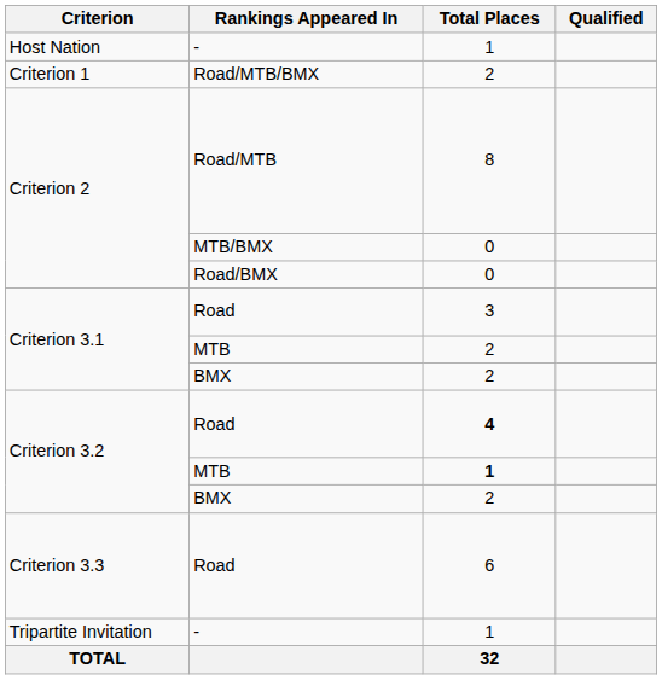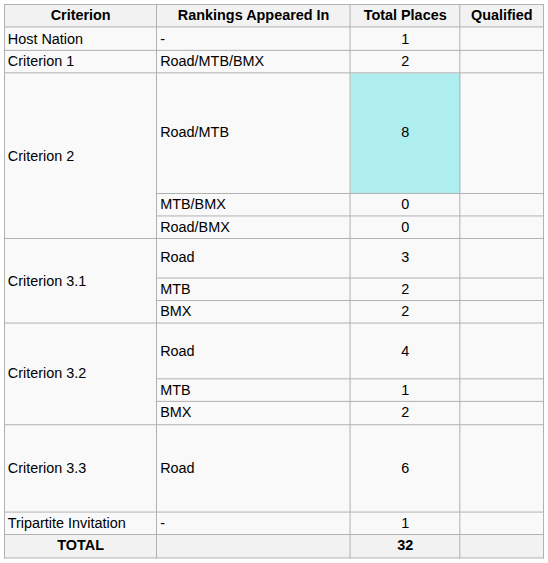 <table class="wikitable" width=600>
 <tr>
 <th>Criterion</th>
 <th>Rankings Appeared In</th>
 <th>Total Places</th>
 <th>Qualified</th>
 </tr>
 <tr>
 <td>Host Nation</td>
 <td>-</td>
 <td align="center">1</td>
 <td></td>
 </tr>
 <tr>
 <td>Criterion 1</td>
 <td>Road/MTB/BMX</td>
 <td align="center">2</td>
 <td><br></td>
 </tr>
 <tr>
 <td rowspan=3>Criterion 2</td>
 <td>Road/MTB</td>
-<td align="center">8</td>
+<td align="center" style="background: paleturquoise;">8</td>
 <td><br><br><br><br><br><br><br></td>
 </tr>
 <tr>
 <td>MTB/BMX</td>
 <td align="center">0</td>
 <td></td>
 </tr>
 <tr>
 <td>Road/BMX</td>
 <td align="center">0</td>
 <td></td>
 </tr>
 <tr>
 <td rowspan=3>Criterion 3.1</td>
 <td>Road</td>
 <td align="center">3</td>
 <td><br><br></td>
 </tr>
 <tr>
 <td>MTB</td>
 <td align="center">2</td>
 <td><br></td>
 </tr>
 <tr>
 <td>BMX</td>
 <td align="center">2</td>
 <td><br></td>
 </tr>
 <tr>
 <td rowspan=3>Criterion 3.2</td>
 <td>Road</td>
-<td align="center"><strong>4</strong></td>
+<td align="center">4</td>
 <td><br><br><br></td>
 </tr>
 <tr>
 <td>MTB</td>
-<td align="center"><strong>1</strong></td>
+<td align="center">1</td>
 <td></td>
 </tr>
 <tr>
 <td>BMX</td>
 <td align="center">2</td>
 <td><br></td>
 </tr>
 <tr>
 <td>Criterion 3.3</td>
 <td>Road</td>
 <td align="center">6</td>
 <td><br><br><br><br><br></td>
 </tr>
 <tr>
 <td>Tripartite Invitation</td>
 <td>-</td>
 <td align="center">1</td>
 <td></td>
 </tr>
 <tr>
 <th>TOTAL</th>
 <th></th>
 <th>32</th>
 <th></th>
 </tr>
 </table>
